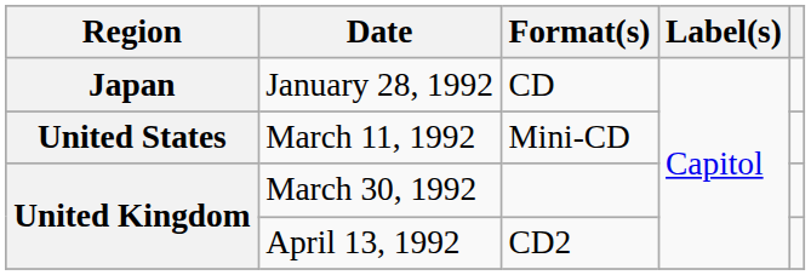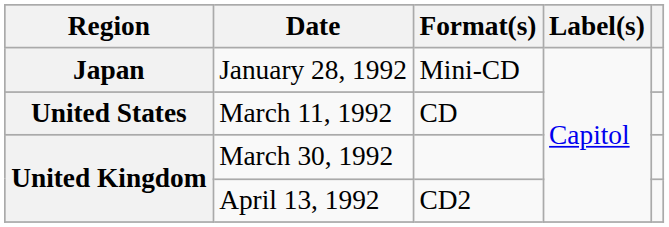 <table class="wikitable plainrowheaders">
 <tr>
 <th scope="col">Region</th>
 <th scope="col">Date</th>
 <th scope="col">Format(s)</th>
 <th scope="col">Label(s)</th>
 <th scope="col"></th>
 </tr>
 <tr>
 <th scope="row">Japan</th>
 <td>January 28, 1992</td>
-<td>CD</td>
+<td>Mini-CD</td>
 <td rowspan="4"><a href='#'>Capitol</a></td>
 <td></td>
 </tr>
 <tr>
 <th scope="row">United States</th>
 <td>March 11, 1992</td>
-<td>Mini-CD</td>
+<td>CD</td>
 <td></td>
 </tr>
 <tr>
 <th scope="row" rowspan="2">United Kingdom</th>
 <td>March 30, 1992</td>
 <td></td>
 <td></td>
 </tr>
 <tr>
 <td>April 13, 1992</td>
 <td>CD2</td>
 <td></td>
 </tr>
 </table>
